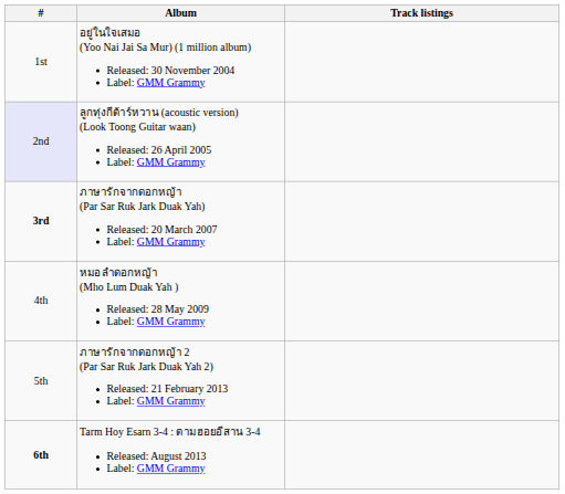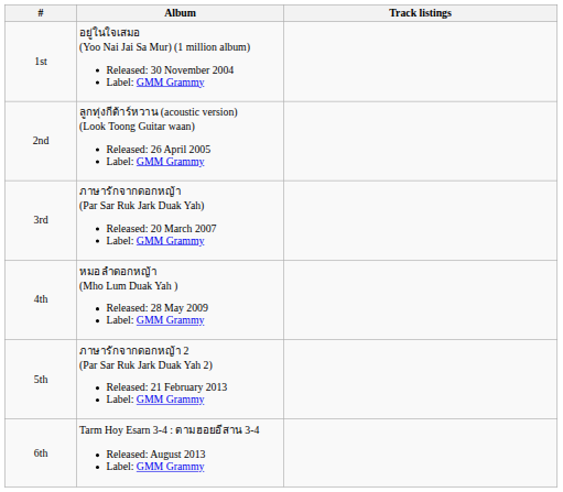 <table class="wikitable">
 <tr>
 <th width="100">#</th>
 <th width="300">Album</th>
 <th width="400">Track listings</th>
 </tr>
 <tr>
 <td style="text-align:center;">1st</td>
 <td>อยู่ในใจเสมอ<br>(Yoo Nai Jai Sa Mur) (1 million album)<ul><li>Released: 30 November 2004</li><li>Label: <a href='#'>GMM Grammy</a></li></ul></td>
 <td></td>
 </tr>
 <tr>
-<td style="background: lavender; text-align:center;">2nd</td>
+<td style="text-align:center;">2nd</td>
 <td>ลูกทุ่งกีต้าร์หวาน (acoustic version)<br>(Look Toong Guitar waan)<ul><li>Released: 26 April 2005</li><li>Label: <a href='#'>GMM Grammy</a></li></ul></td>
 <td></td>
 </tr>
 <tr>
-<td style="text-align:center;"><strong>3rd</strong></td>
+<td style="text-align:center;">3rd</td>
 <td>ภาษารักจากดอกหญ้า<br>(Par Sar Ruk Jark Duak Yah)<ul><li>Released: 20 March 2007</li><li>Label: <a href='#'>GMM Grammy</a></li></ul></td>
 <td></td>
 </tr>
 <tr>
 <td style="text-align:center;">4th</td>
 <td>หมอลำดอกหญ้า<br>(Mho Lum Duak Yah )<ul><li>Released: 28 May 2009</li><li>Label: <a href='#'>GMM Grammy</a></li></ul></td>
 <td></td>
 </tr>
 <tr>
 <td style="text-align:center;">5th</td>
 <td>ภาษารักจากดอกหญ้า 2<br>(Par Sar Ruk Jark Duak Yah 2)<ul><li>Released: 21 February 2013</li><li>Label: <a href='#'>GMM Grammy</a></li></ul></td>
 <td></td>
 </tr>
 <tr>
-<td style="text-align:center;"><strong>6th</strong></td>
+<td style="text-align:center;">6th</td>
 <td>Tarm Hoy Esarn 3-4 : ตามฮอยอีสาน 3-4<br><ul><li>Released: August 2013</li><li>Label: <a href='#'>GMM Grammy</a></li></ul></td>
 </tr>
 </table>
